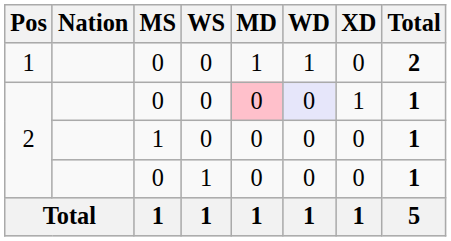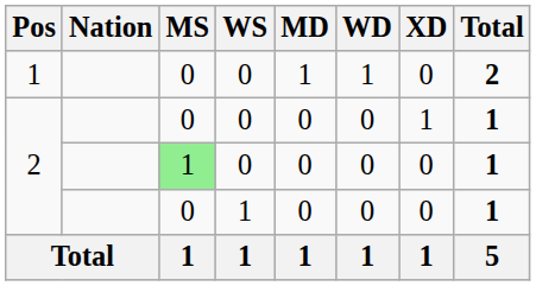 <table class="wikitable" style="text-align:center">
 <tr>
 <th width="20">Pos</th>
 <th>Nation</th>
 <th width="20">MS</th>
 <th width="20">WS</th>
 <th width="20">MD</th>
 <th width="20">WD</th>
 <th width="20">XD</th>
 <th>Total</th>
 </tr>
 <tr>
 <td>1</td>
 <td align=left></td>
 <td>0</td>
 <td>0</td>
 <td>1</td>
 <td>1</td>
 <td>0</td>
 <td><strong>2</strong></td>
 </tr>
 <tr>
 <td rowspan=3>2</td>
 <td align=left></td>
 <td>0</td>
 <td>0</td>
-<td style="background: pink;">0</td>
-<td style="background: lavender;">0</td>
+<td>0</td>
+<td>0</td>
 <td>1</td>
 <td><strong>1</strong></td>
 </tr>
 <tr>
 <td align=left></td>
-<td>1</td>
+<td style="background: lightgreen;">1</td>
 <td>0</td>
 <td>0</td>
 <td>0</td>
 <td>0</td>
 <td><strong>1</strong></td>
 </tr>
 <tr>
 <td align=left></td>
 <td>0</td>
 <td>1</td>
 <td>0</td>
 <td>0</td>
 <td>0</td>
 <td><strong>1</strong></td>
 </tr>
 <tr>
 <th colspan=2 align=center>Total</th>
 <th>1</th>
 <th>1</th>
 <th>1</th>
 <th>1</th>
 <th>1</th>
 <th>5</th>
 </tr>
 </table>
